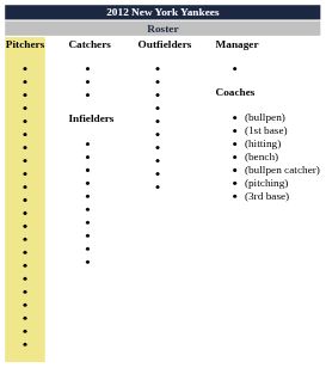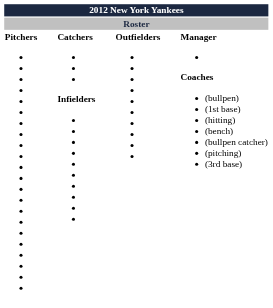 <table class="toccolours" style="font-size: 95%;">
 <tr>
 <th colspan="10" style="background:#1c2841; color:white; text-align:center;">2012 New York Yankees</th>
 </tr>
 <tr>
 <td colspan="10" style="background:silver; color:#1c2841; text-align:center;"><strong>Roster</strong></td>
 </tr>
 <tr>
-<td valign="top" style="background: khaki;"><strong>Pitchers</strong><br><ul><li></li><li></li><li></li><li></li><li></li><li></li><li></li><li></li><li></li><li></li><li></li><li></li><li></li><li></li><li></li><li></li><li></li><li></li><li></li><li></li><li></li><li></li></ul></td>
+<td valign="top"><strong>Pitchers</strong><br><ul><li></li><li></li><li></li><li></li><li></li><li></li><li></li><li></li><li></li><li></li><li></li><li></li><li></li><li></li><li></li><li></li><li></li><li></li><li></li><li></li><li></li><li></li></ul></td>
 <td style="width:25px;"></td>
 <td valign="top"><strong>Catchers</strong><br><ul><li></li><li></li><li></li></ul><strong>Infielders</strong><ul><li></li><li></li><li></li><li></li><li></li><li></li><li></li><li></li><li></li><li></li></ul></td>
 <td style="width:25px;"></td>
 <td valign="top"><strong>Outfielders</strong><br><ul><li></li><li></li><li></li><li></li><li></li><li></li><li></li><li></li><li></li><li></li></ul></td>
 <td style="width:25px;"></td>
 <td valign="top"><strong>Manager</strong><br><ul><li></li></ul><strong>Coaches</strong><ul><li> (bullpen)</li><li>  (1st base)</li><li>  (hitting)</li><li> (bench)</li><li> (bullpen catcher)</li><li> (pitching)</li><li> (3rd base)</li></ul></td>
 </tr>
 </table>
